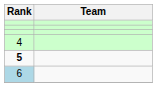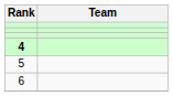 <table class="wikitable" style="text-align: center;">
 <tr>
 <th width=40>Rank</th>
 <th width=180>Team</th>
 </tr>
 <tr bgcolor=ccffcc>
 <td></td>
 <td align=left></td>
 </tr>
 <tr bgcolor=ccffcc>
 <td></td>
 <td align=left></td>
 </tr>
 <tr bgcolor=ccffcc>
 <td></td>
 <td align=left></td>
 </tr>
 <tr bgcolor=ccffcc>
-<td>4</td>
+<td><strong>4</strong></td>
 <td align=left></td>
 </tr>
 <tr>
-<td><strong>5</strong></td>
+<td>5</td>
 <td align=left></td>
 </tr>
 <tr>
-<td style="background: lightblue;">6</td>
+<td>6</td>
 <td align=left></td>
 </tr>
 <tr>
 </tr>
 </table>
